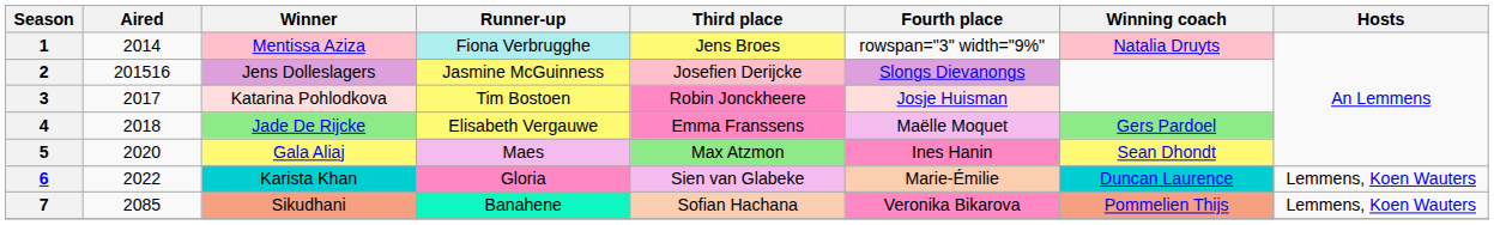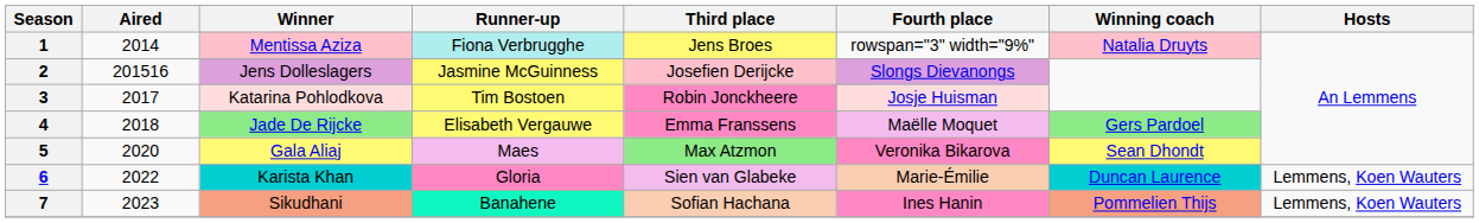 <table class="wikitable" style="text-align:center; font-size:90%; line-height:16px; width:100%">
 <tr>
 <th width="1%" scope="col">Season</th>
 <th width="5%" scope="col">Aired</th>
 <th width="9%" scope="col">Winner</th>
 <th width="9%">Runner-up</th>
 <th width="9%">Third place</th>
 <th width="9%">Fourth place</th>
 <th width="9%" scope="col">Winning coach</th>
 <th width="9%" scope="col">Hosts</th>
 </tr>
 <tr>
 <th>1</th>
 <td>2014</td>
 <td style="background: pink"><a href='#'>Mentissa Aziza</a></td>
 <td style="background:#afeeee; width:9%">Fiona Verbrugghe</td>
 <td style="background:#fffa73; width:9%">Jens Broes</td>
 <td>rowspan="3" width="9%" </td>
 <td style="background: pink"><a href='#'>Natalia Druyts</a></td>
 <td rowspan="5"><a href='#'>An Lemmens</a></td>
 </tr>
 <tr>
 <th>2</th>
 <td>201516</td>
 <td style="background:#dda0dd">Jens Dolleslagers</td>
 <td style="background:#fffa73">Jasmine McGuinness</td>
 <td style="background: pink">Josefien Derijcke</td>
 <td style="background:#dda0dd"><a href='#'>Slongs Dievanongs</a></td>
 </tr>
 <tr>
 <th>3</th>
 <td>2017</td>
 <td style="background:#ffdddd">Katarina Pohlodkova</td>
 <td style="background:#fffa73">Tim Bostoen</td>
 <td style="background:#FF87C3">Robin Jonckheere</td>
 <td style="background:#ffdddd"><a href='#'>Josje Huisman</a></td>
 </tr>
 <tr>
 <th>4</th>
 <td>2018</td>
 <td style="background:#8deb87"><a href='#'>Jade De Rijcke</a></td>
 <td style="background:#fffa73">Elisabeth Vergauwe</td>
 <td style="background:#FF87C3">Emma Franssens</td>
 <td style="background:#f4bbee">Maëlle Moquet</td>
 <td style="background:#8deb87"><a href='#'>Gers Pardoel</a></td>
 </tr>
 <tr>
 <th>5</th>
 <td>2020</td>
 <td style="background:#fffa73"><a href='#'>Gala Aliaj</a></td>
 <td style="background:#f4bbee"> Maes</td>
 <td style="background:#8ceb87">Max Atzmon</td>
-<td style="background:#FF87C3">Ines Hanin</td>
+<td style="background:#FF87C3">Veronika Bikarova</td>
 <td style="background:#fffa73"><a href='#'>Sean Dhondt</a></td>
 </tr>
 <tr>
 <th><a href='#'>6</a></th>
 <td>2022</td>
 <td style="background:#00ced1">Karista Khan</td>
 <td style="background:#FF87C3">Gloria</td>
 <td style="background:#f4bbee">Sien van Glabeke</td>
 <td style="background:#fbceb1">Marie-Émilie</td>
 <td style="background:#00ced1"><a href='#'>Duncan Laurence</a></td>
 <td rowspan="1">Lemmens, <a href='#'>Koen Wauters</a></td>
 </tr>
 <tr>
 <th>7</th>
-<td>2085</td>
+<td>2023</td>
 <td style="background:#F79F81">Sikudhani </td>
 <td style="background:#0ff7c0">Banahene</td>
 <td style="background:#fbceb1">Sofian Hachana</td>
-<td style="background:#FF87C3">Veronika Bikarova</td>
+<td style="background:#FF87C3">Ines Hanin</td>
 <td style="background:#F79F81"><a href='#'>Pommelien Thijs</a></td>
 <td rowspan="1">Lemmens, <a href='#'>Koen Wauters</a></td>
 </tr>
 <tr>
 </tr>
 </table>
